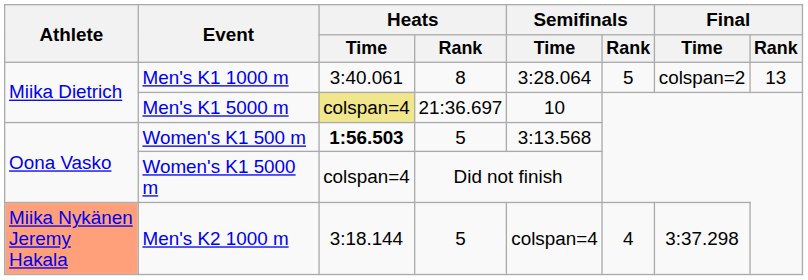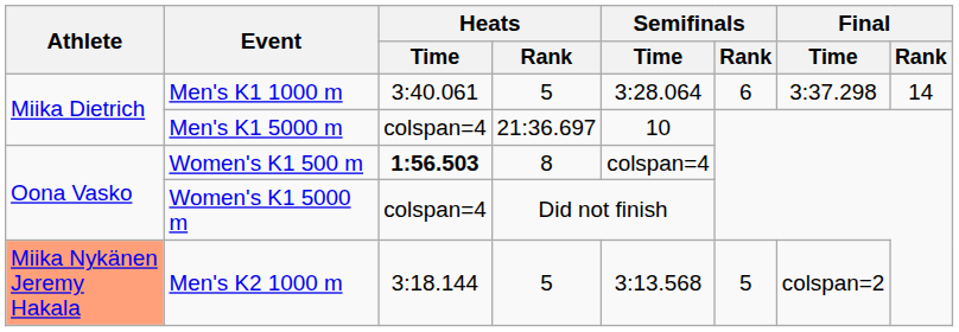 <table class="wikitable" style="font-size:90%">
 <tr>
 <th rowspan="2">Athlete</th>
 <th rowspan="2">Event</th>
 <th colspan=2>Heats</th>
 <th colspan=2>Semifinals</th>
 <th colspan=2>Final</th>
 </tr>
 <tr style="font-size:95%">
 <th>Time</th>
 <th>Rank</th>
 <th>Time</th>
 <th>Rank</th>
 <th>Time</th>
 <th>Rank</th>
 </tr>
 <tr align=center>
 <td align=left rowspan=2><a href='#'>Miika Dietrich</a></td>
 <td align=left><a href='#'>Men's K1 1000 m</a></td>
 <td>3:40.061</td>
-<td>8 </td>
+<td>5 </td>
 <td>3:28.064</td>
-<td>5 </td>
-<td>colspan=2 </td>
-<td>13</td>
+<td>6 </td>
+<td>3:37.298</td>
+<td>14</td>
 </tr>
 <tr align=center>
 <td align=left><a href='#'>Men's K1 5000 m</a></td>
-<td style="background: khaki;">colspan=4 </td>
+<td>colspan=4 </td>
 <td>21:36.697</td>
 <td>10</td>
 </tr>
 <tr align=center>
 <td align=left rowspan=2><a href='#'>Oona Vasko</a></td>
 <td align=left><a href='#'>Women's K1 500 m</a></td>
 <td><strong>1:56.503</strong></td>
-<td>5 </td>
-<td>3:13.568</td>
+<td>8 </td>
+<td>colspan=4 </td>
 </tr>
 <tr align=center>
 <td align=left><a href='#'>Women's K1 5000 m</a></td>
 <td>colspan=4 </td>
 <td colspan=2>Did not finish</td>
 </tr>
 <tr align=center>
 <td align=left style="background: lightsalmon;"><a href='#'>Miika Nykänen</a><br><a href='#'>Jeremy Hakala</a></td>
 <td align=left><a href='#'>Men's K2 1000 m</a></td>
 <td>3:18.144</td>
 <td>5 </td>
-<td>colspan=4 </td>
-<td>4 </td>
-<td>3:37.298</td>
+<td>3:13.568</td>
+<td>5 </td>
+<td>colspan=2 </td>
 </tr>
 </table>
